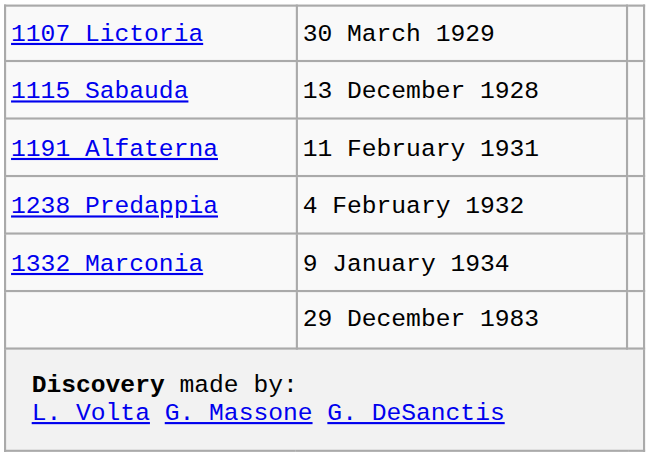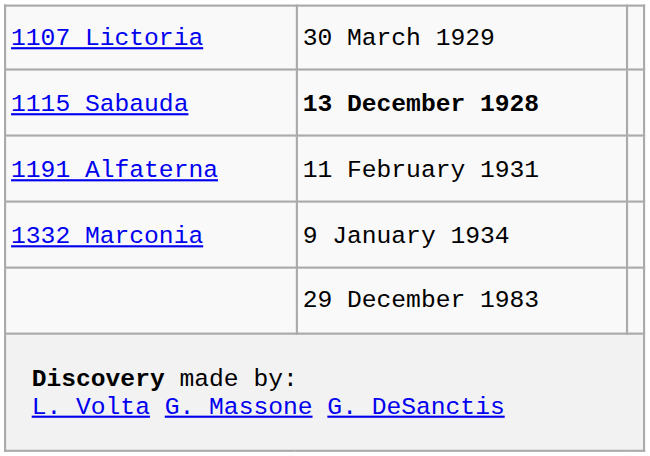 <table class="wikitable" style="font-size: 89%; float: left; width: 26em; margin-right: 1em; height: 210px;">
 <tr>
 <td><a href='#'>1107 Lictoria</a></td>
 <td>30 March 1929</td>
 <td></td>
 </tr>
 <tr>
 <td><a href='#'>1115 Sabauda</a></td>
-<td>13 December 1928</td>
+<td><strong>13 December 1928</strong></td>
 <td></td>
 </tr>
 <tr>
 <td><a href='#'>1191 Alfaterna</a></td>
 <td>11 February 1931</td>
-<td></td>
-</tr>
-<tr>
-<td><a href='#'>1238 Predappia</a></td>
-<td>4 February 1932</td>
 <td></td>
 </tr>
 <tr>
 <td><a href='#'>1332 Marconia</a></td>
 <td>9 January 1934</td>
 <td></td>
 </tr>
 <tr>
 <td></td>
 <td>29 December 1983</td>
 <td></td>
 </tr>
 <tr>
 <th colspan=3 style="font-weight: normal; text-align: left; padding: 3px 12px;"><strong>Discovery</strong> made by:<br> <a href='#'>L. Volta</a> <a href='#'>G. Massone</a> <a href='#'>G. DeSanctis</a></th>
 </tr>
 </table>
